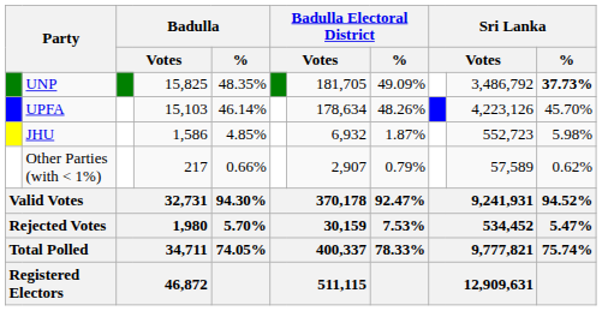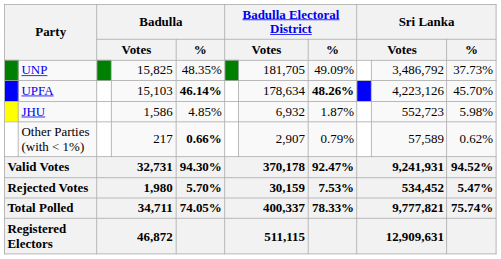 <table class="wikitable">
 <tr>
 <th colspan="2" width="144px"rowspan="2">Party</th>
 <th colspan="3" width="216px">Badulla</th>
 <th colspan="3" width="216px"><a href='#'>Badulla Electoral District</a></th>
 <th colspan="3" width="216px">Sri Lanka</th>
 </tr>
 <tr>
 <th colspan="2" width="144px">Votes</th>
 <th>%</th>
 <th colspan="2" width="144px">Votes</th>
 <th>%</th>
 <th colspan="2" width="144px">Votes</th>
 <th>%</th>
 </tr>
 <tr>
 <td style="background-color:green;" width="10px"></td>
 <td style="text-align:left;"><a href='#'>UNP</a></td>
 <td style="background-color:green;" width="10px"></td>
 <td style="text-align:right;">15,825</td>
 <td style="text-align:right;">48.35%</td>
 <td style="background-color:green;" width="10px"></td>
 <td style="text-align:right;">181,705</td>
 <td style="text-align:right;">49.09%</td>
 <td style="background-color:white;" width="10px"></td>
 <td style="text-align:right;">3,486,792</td>
-<td style="text-align:right;"><strong>37.73%</strong></td>
+<td style="text-align:right;">37.73%</td>
 </tr>
 <tr>
 <td style="background-color:blue;" width="10px"></td>
 <td style="text-align:left;"><a href='#'>UPFA</a></td>
 <td style="background-color:white;" width="10px"></td>
 <td style="text-align:right;">15,103</td>
-<td style="text-align:right;">46.14%</td>
+<td style="text-align:right;"><strong>46.14%</strong></td>
 <td style="background-color:white;" width="10px"></td>
 <td style="text-align:right;">178,634</td>
-<td style="text-align:right;">48.26%</td>
+<td style="text-align:right;"><strong>48.26%</strong></td>
 <td style="background-color:blue;" width="10px"></td>
 <td style="text-align:right;">4,223,126</td>
 <td style="text-align:right;">45.70%</td>
 </tr>
 <tr>
 <td style="background-color:yellow;" width="10px"></td>
 <td style="text-align:left;"><a href='#'>JHU</a></td>
 <td style="background-color:white;" width="10px"></td>
 <td style="text-align:right;">1,586</td>
 <td style="text-align:right;">4.85%</td>
 <td style="background-color:white;" width="10px"></td>
 <td style="text-align:right;">6,932</td>
 <td style="text-align:right;">1.87%</td>
 <td style="background-color:white;" width="10px"></td>
 <td style="text-align:right;">552,723</td>
 <td style="text-align:right;">5.98%</td>
 </tr>
 <tr>
 <td style="background-color:white;" width="10px"></td>
 <td style="text-align:left;">Other Parties (with < 1%)</td>
 <td style="background-color:white;" width="10px"></td>
 <td style="text-align:right;">217</td>
-<td style="text-align:right;">0.66%</td>
+<td style="text-align:right;"><strong>0.66%</strong></td>
 <td style="background-color:white;" width="10px"></td>
 <td style="text-align:right;">2,907</td>
 <td style="text-align:right;">0.79%</td>
 <td style="background-color:white;" width="10px"></td>
 <td style="text-align:right;">57,589</td>
 <td style="text-align:right;">0.62%</td>
 </tr>
 <tr>
 <th colspan="2" width="144px"style="text-align:left;">Valid Votes</th>
 <th style="text-align:right;"colspan="2" width="144px">32,731</th>
 <th style="text-align:right;">94.30%</th>
 <th style="text-align:right;"colspan="2" width="144px">370,178</th>
 <th style="text-align:right;">92.47%</th>
 <th style="text-align:right;"colspan="2" width="144px">9,241,931</th>
 <th style="text-align:right;">94.52%</th>
 </tr>
 <tr>
 <th colspan="2" width="144px"style="text-align:left;">Rejected Votes</th>
 <th style="text-align:right;"colspan="2" width="144px">1,980</th>
 <th style="text-align:right;">5.70%</th>
 <th style="text-align:right;"colspan="2" width="144px">30,159</th>
 <th style="text-align:right;">7.53%</th>
 <th style="text-align:right;"colspan="2" width="144px">534,452</th>
 <th style="text-align:right;">5.47%</th>
 </tr>
 <tr>
 <th colspan="2" width="144px"style="text-align:left;">Total Polled</th>
 <th style="text-align:right;"colspan="2" width="144px">34,711</th>
 <th style="text-align:right;">74.05%</th>
 <th style="text-align:right;"colspan="2" width="144px">400,337</th>
 <th style="text-align:right;">78.33%</th>
 <th style="text-align:right;"colspan="2" width="144px">9,777,821</th>
 <th style="text-align:right;">75.74%</th>
 </tr>
 <tr>
 <th colspan="2" width="144px"style="text-align:left;">Registered Electors</th>
 <th style="text-align:right;"colspan="2" width="144px">46,872</th>
 <th></th>
 <th style="text-align:right;"colspan="2" width="144px">511,115</th>
 <th></th>
 <th style="text-align:right;"colspan="2" width="144px">12,909,631</th>
 <th></th>
 </tr>
 </table>
